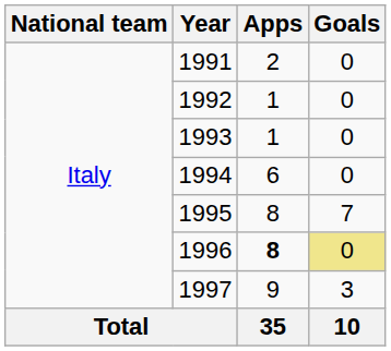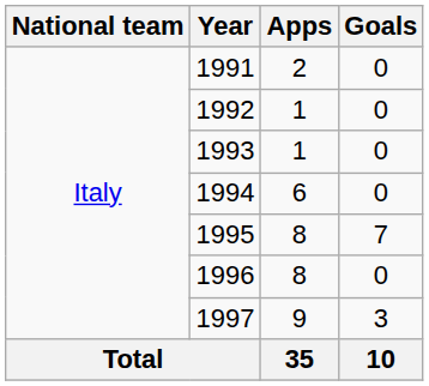 <table class="wikitable" style="text-align:center">
 <tr>
 <th>National team</th>
 <th>Year</th>
 <th>Apps</th>
 <th>Goals</th>
 </tr>
 <tr>
 <td rowspan="7"><a href='#'>Italy</a></td>
 <td>1991</td>
 <td>2</td>
 <td>0</td>
 </tr>
 <tr>
 <td>1992</td>
 <td>1</td>
 <td>0</td>
 </tr>
 <tr>
 <td>1993</td>
 <td>1</td>
 <td>0</td>
 </tr>
 <tr>
 <td>1994</td>
 <td>6</td>
 <td>0</td>
 </tr>
 <tr>
 <td>1995</td>
 <td>8</td>
 <td>7</td>
 </tr>
 <tr>
 <td>1996</td>
-<td><strong>8</strong></td>
-<td style="background: khaki;">0</td>
+<td>8</td>
+<td>0</td>
 </tr>
 <tr>
 <td>1997</td>
 <td>9</td>
 <td>3</td>
 </tr>
 <tr>
 <th colspan="2">Total</th>
 <th>35</th>
 <th>10</th>
 </tr>
 </table>
